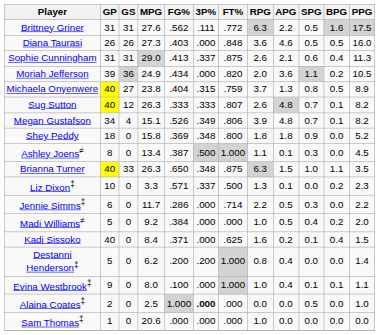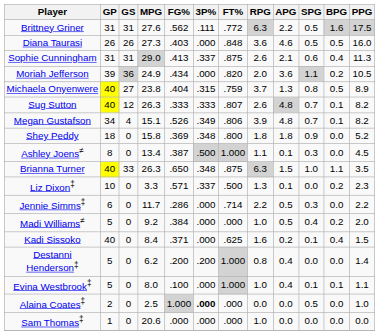 <table class="wikitable sortable" style="text-align:center;">
 <tr>
 <th>Player</th>
 <th>GP</th>
 <th>GS</th>
 <th>MPG</th>
 <th>FG%</th>
 <th>3P%</th>
 <th>FT%</th>
 <th>RPG</th>
 <th>APG</th>
 <th>SPG</th>
 <th>BPG</th>
 <th>PPG</th>
 </tr>
 <tr>
 <td><a href='#'>Brittney Griner</a></td>
 <td>31</td>
 <td>31</td>
 <td>27.6</td>
 <td>.562</td>
 <td>.111</td>
 <td>.772</td>
 <td style="background:#D3D3D3;">6.3</td>
 <td>2.2</td>
 <td>0.5</td>
 <td style="background:#D3D3D3;">1.6</td>
 <td style="background:#D3D3D3;">17.5</td>
 </tr>
 <tr>
 <td><a href='#'>Diana Taurasi</a></td>
 <td>26</td>
 <td>26</td>
 <td>27.3</td>
 <td>.403</td>
 <td>.000</td>
 <td>.848</td>
 <td>3.6</td>
 <td>4.6</td>
 <td>0.5</td>
 <td>0.5</td>
 <td>16.0</td>
 </tr>
 <tr>
 <td><a href='#'>Sophie Cunningham</a></td>
 <td>31</td>
 <td>31</td>
 <td style="background:#D3D3D3;">29.0</td>
 <td>.413</td>
 <td>.337</td>
 <td>.875</td>
 <td>2.6</td>
 <td>2.1</td>
 <td>0.6</td>
 <td>0.4</td>
 <td>11.3</td>
 </tr>
 <tr>
 <td><a href='#'>Moriah Jefferson</a></td>
 <td>39</td>
 <td style="background:#D3D3D3;">36</td>
 <td>24.9</td>
 <td>.434</td>
 <td>.000</td>
 <td>.820</td>
 <td>2.0</td>
 <td>3.6</td>
 <td style="background:#D3D3D3;">1.1</td>
 <td>0.2</td>
 <td>10.5</td>
 </tr>
 <tr>
 <td><a href='#'>Michaela Onyenwere</a></td>
 <td style="background:yellow;">40</td>
 <td>27</td>
 <td>23.8</td>
 <td>.404</td>
 <td>.315</td>
 <td>.759</td>
 <td>3.7</td>
 <td>1.3</td>
 <td>0.8</td>
 <td>0.5</td>
 <td>8.9</td>
 </tr>
 <tr>
 <td><a href='#'>Sug Sutton</a></td>
 <td style="background:yellow;">40</td>
 <td>12</td>
 <td>26.3</td>
 <td>.333</td>
 <td>.333</td>
 <td>.807</td>
 <td>2.6</td>
 <td style="background:#D3D3D3;">4.8</td>
 <td>0.7</td>
 <td>0.1</td>
 <td>8.2</td>
 </tr>
 <tr>
 <td><a href='#'>Megan Gustafson</a></td>
 <td>34</td>
 <td>4</td>
 <td>15.1</td>
 <td>.526</td>
 <td>.349</td>
 <td>.806</td>
 <td>3.9</td>
 <td>4.8</td>
 <td>0.7</td>
 <td>0.1</td>
 <td>8.2</td>
 </tr>
 <tr>
 <td><a href='#'>Shey Peddy</a></td>
 <td>18</td>
 <td>0</td>
 <td>15.8</td>
 <td>.369</td>
 <td>.348</td>
 <td>.800</td>
 <td>1.8</td>
 <td>1.8</td>
 <td>0.9</td>
 <td>0.0</td>
 <td>5.2</td>
 </tr>
 <tr>
 <td><a href='#'>Ashley Joens</a><sup>≠</sup></td>
 <td>8</td>
 <td>0</td>
 <td>13.4</td>
 <td>.387</td>
 <td style="background:#D3D3D3;">.500</td>
 <td style="background:#D3D3D3;">1.000</td>
 <td>1.1</td>
 <td>0.1</td>
 <td>0.3</td>
 <td>0.0</td>
 <td>4.5</td>
 </tr>
 <tr>
 <td><a href='#'>Brianna Turner</a></td>
 <td style="background:yellow;">40</td>
 <td>33</td>
 <td>26.3</td>
 <td>.650</td>
 <td>.348</td>
 <td>.875</td>
 <td style="background:#D3D3D3;">6.3</td>
 <td>1.5</td>
 <td>1.0</td>
 <td>1.1</td>
 <td>3.5</td>
 </tr>
 <tr>
 <td><a href='#'>Liz Dixon</a><sup>‡</sup></td>
 <td>10</td>
 <td>0</td>
 <td>3.3</td>
 <td>.571</td>
 <td>.337</td>
 <td>.500</td>
 <td>1.3</td>
 <td>0.1</td>
 <td>0.0</td>
 <td>0.2</td>
 <td>2.3</td>
 </tr>
 <tr>
 <td><a href='#'>Jennie Simms</a><sup>‡</sup></td>
 <td>6</td>
 <td>0</td>
 <td>11.7</td>
 <td>.286</td>
 <td>.000</td>
 <td>.714</td>
 <td>2.2</td>
 <td>0.5</td>
 <td>0.3</td>
 <td>0.0</td>
 <td>2.2</td>
 </tr>
 <tr>
 <td><a href='#'>Madi Williams</a><sup>≠</sup></td>
 <td>5</td>
 <td>0</td>
 <td>9.2</td>
 <td>.384</td>
 <td>.000</td>
 <td>.000</td>
 <td>1.0</td>
 <td>0.5</td>
 <td>0.4</td>
 <td>0.2</td>
 <td>2.0</td>
 </tr>
 <tr>
 <td><a href='#'>Kadi Sissoko</a></td>
 <td>40</td>
 <td>0</td>
 <td>8.4</td>
 <td>.371</td>
 <td>.000</td>
 <td>.625</td>
 <td>1.6</td>
 <td>0.2</td>
 <td>0.1</td>
 <td>0.4</td>
 <td>1.5</td>
 </tr>
 <tr>
 <td><a href='#'>Destanni Henderson</a><sup>‡</sup></td>
 <td>5</td>
 <td>0</td>
 <td>6.2</td>
 <td>.200</td>
 <td>.200</td>
 <td style="background:#D3D3D3;">1.000</td>
 <td>0.8</td>
 <td>0.4</td>
 <td>0.0</td>
 <td>0.0</td>
 <td>1.4</td>
 </tr>
 <tr>
 <td><a href='#'>Evina Westbrook</a><sup>‡</sup></td>
-<td>9</td>
+<td>5</td>
 <td>0</td>
 <td>8.0</td>
 <td>.100</td>
 <td>.000</td>
 <td style="background:#D3D3D3;">1.000</td>
 <td>1.0</td>
 <td>0.4</td>
 <td>0.1</td>
 <td>0.1</td>
 <td>1.1</td>
 </tr>
 <tr>
 <td><a href='#'>Alaina Coates</a><sup>‡</sup></td>
 <td>2</td>
 <td>0</td>
 <td>2.5</td>
 <td style="background:#D3D3D3;">1.000</td>
 <td><strong>.000</strong></td>
 <td>.000</td>
 <td>0.0</td>
 <td>0.0</td>
 <td>0.5</td>
 <td>0.0</td>
 <td>1.0</td>
 </tr>
 <tr>
 <td><a href='#'>Sam Thomas</a><sup>‡</sup></td>
 <td>1</td>
 <td>0</td>
 <td>20.6</td>
 <td>.000</td>
 <td>.000</td>
 <td>.000</td>
 <td>1.0</td>
 <td>0.0</td>
 <td>0.0</td>
 <td>0.0</td>
 <td>0.0</td>
 </tr>
 <tr>
 </tr>
 </table>
